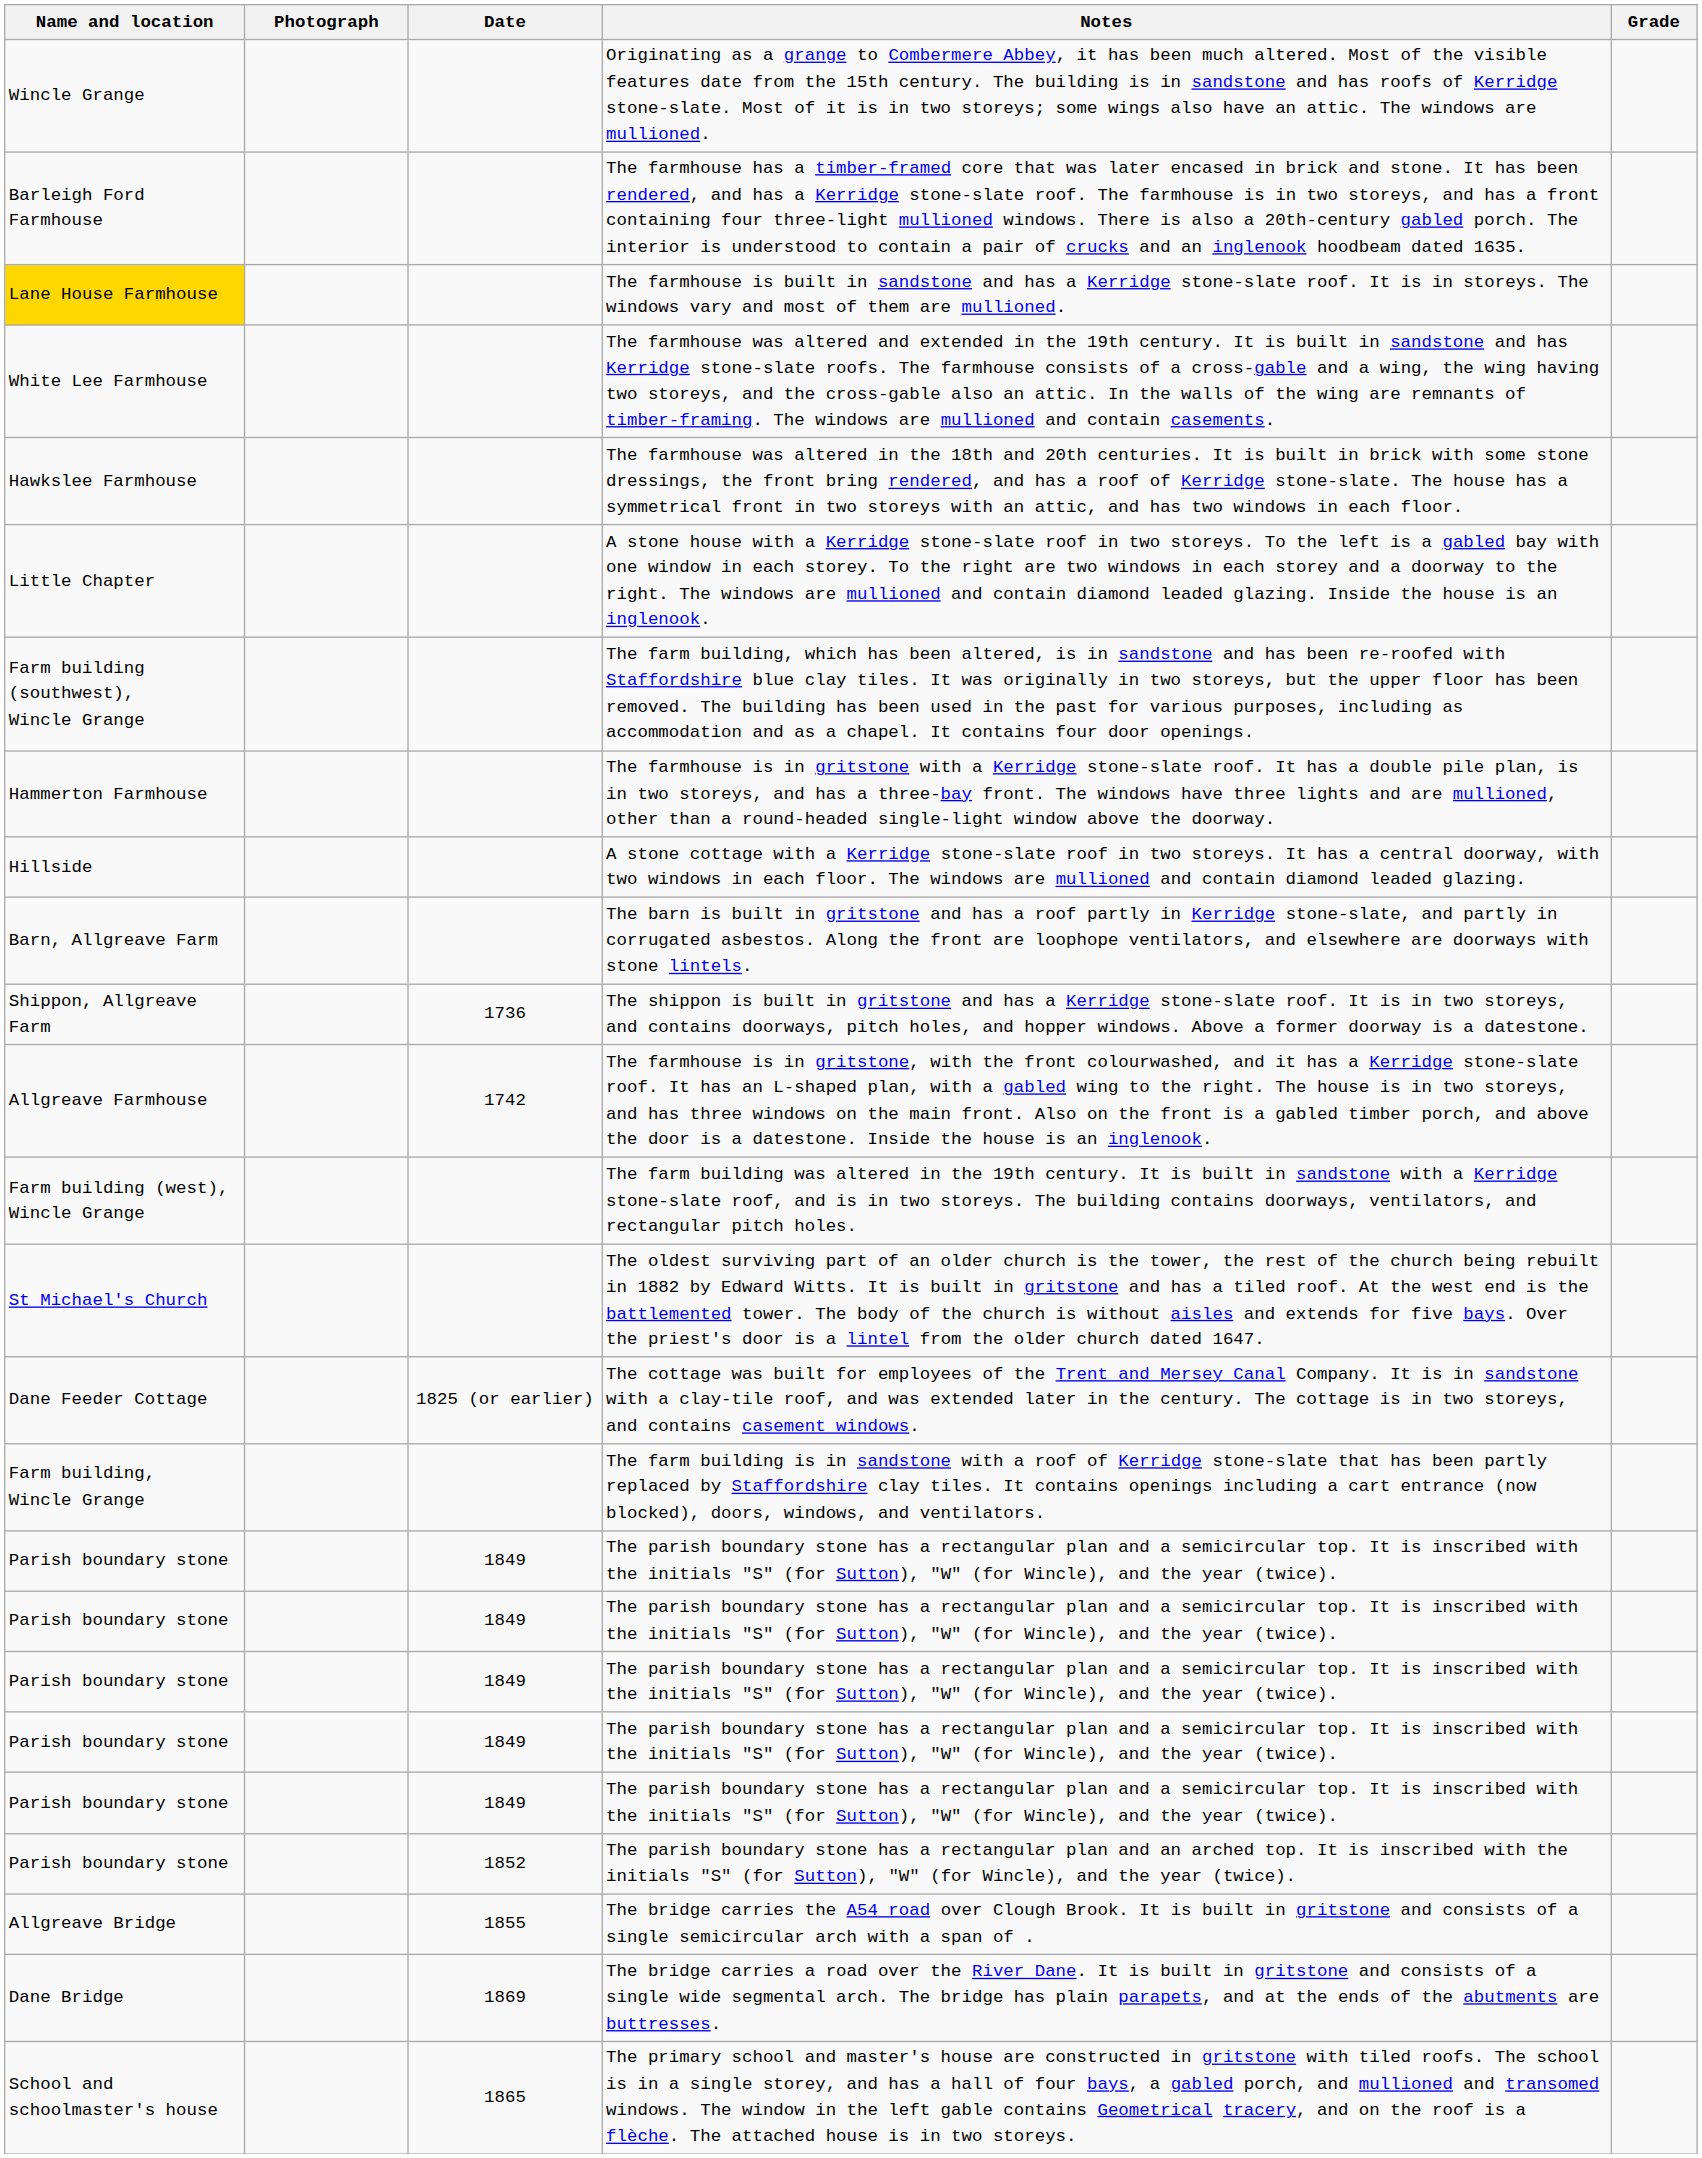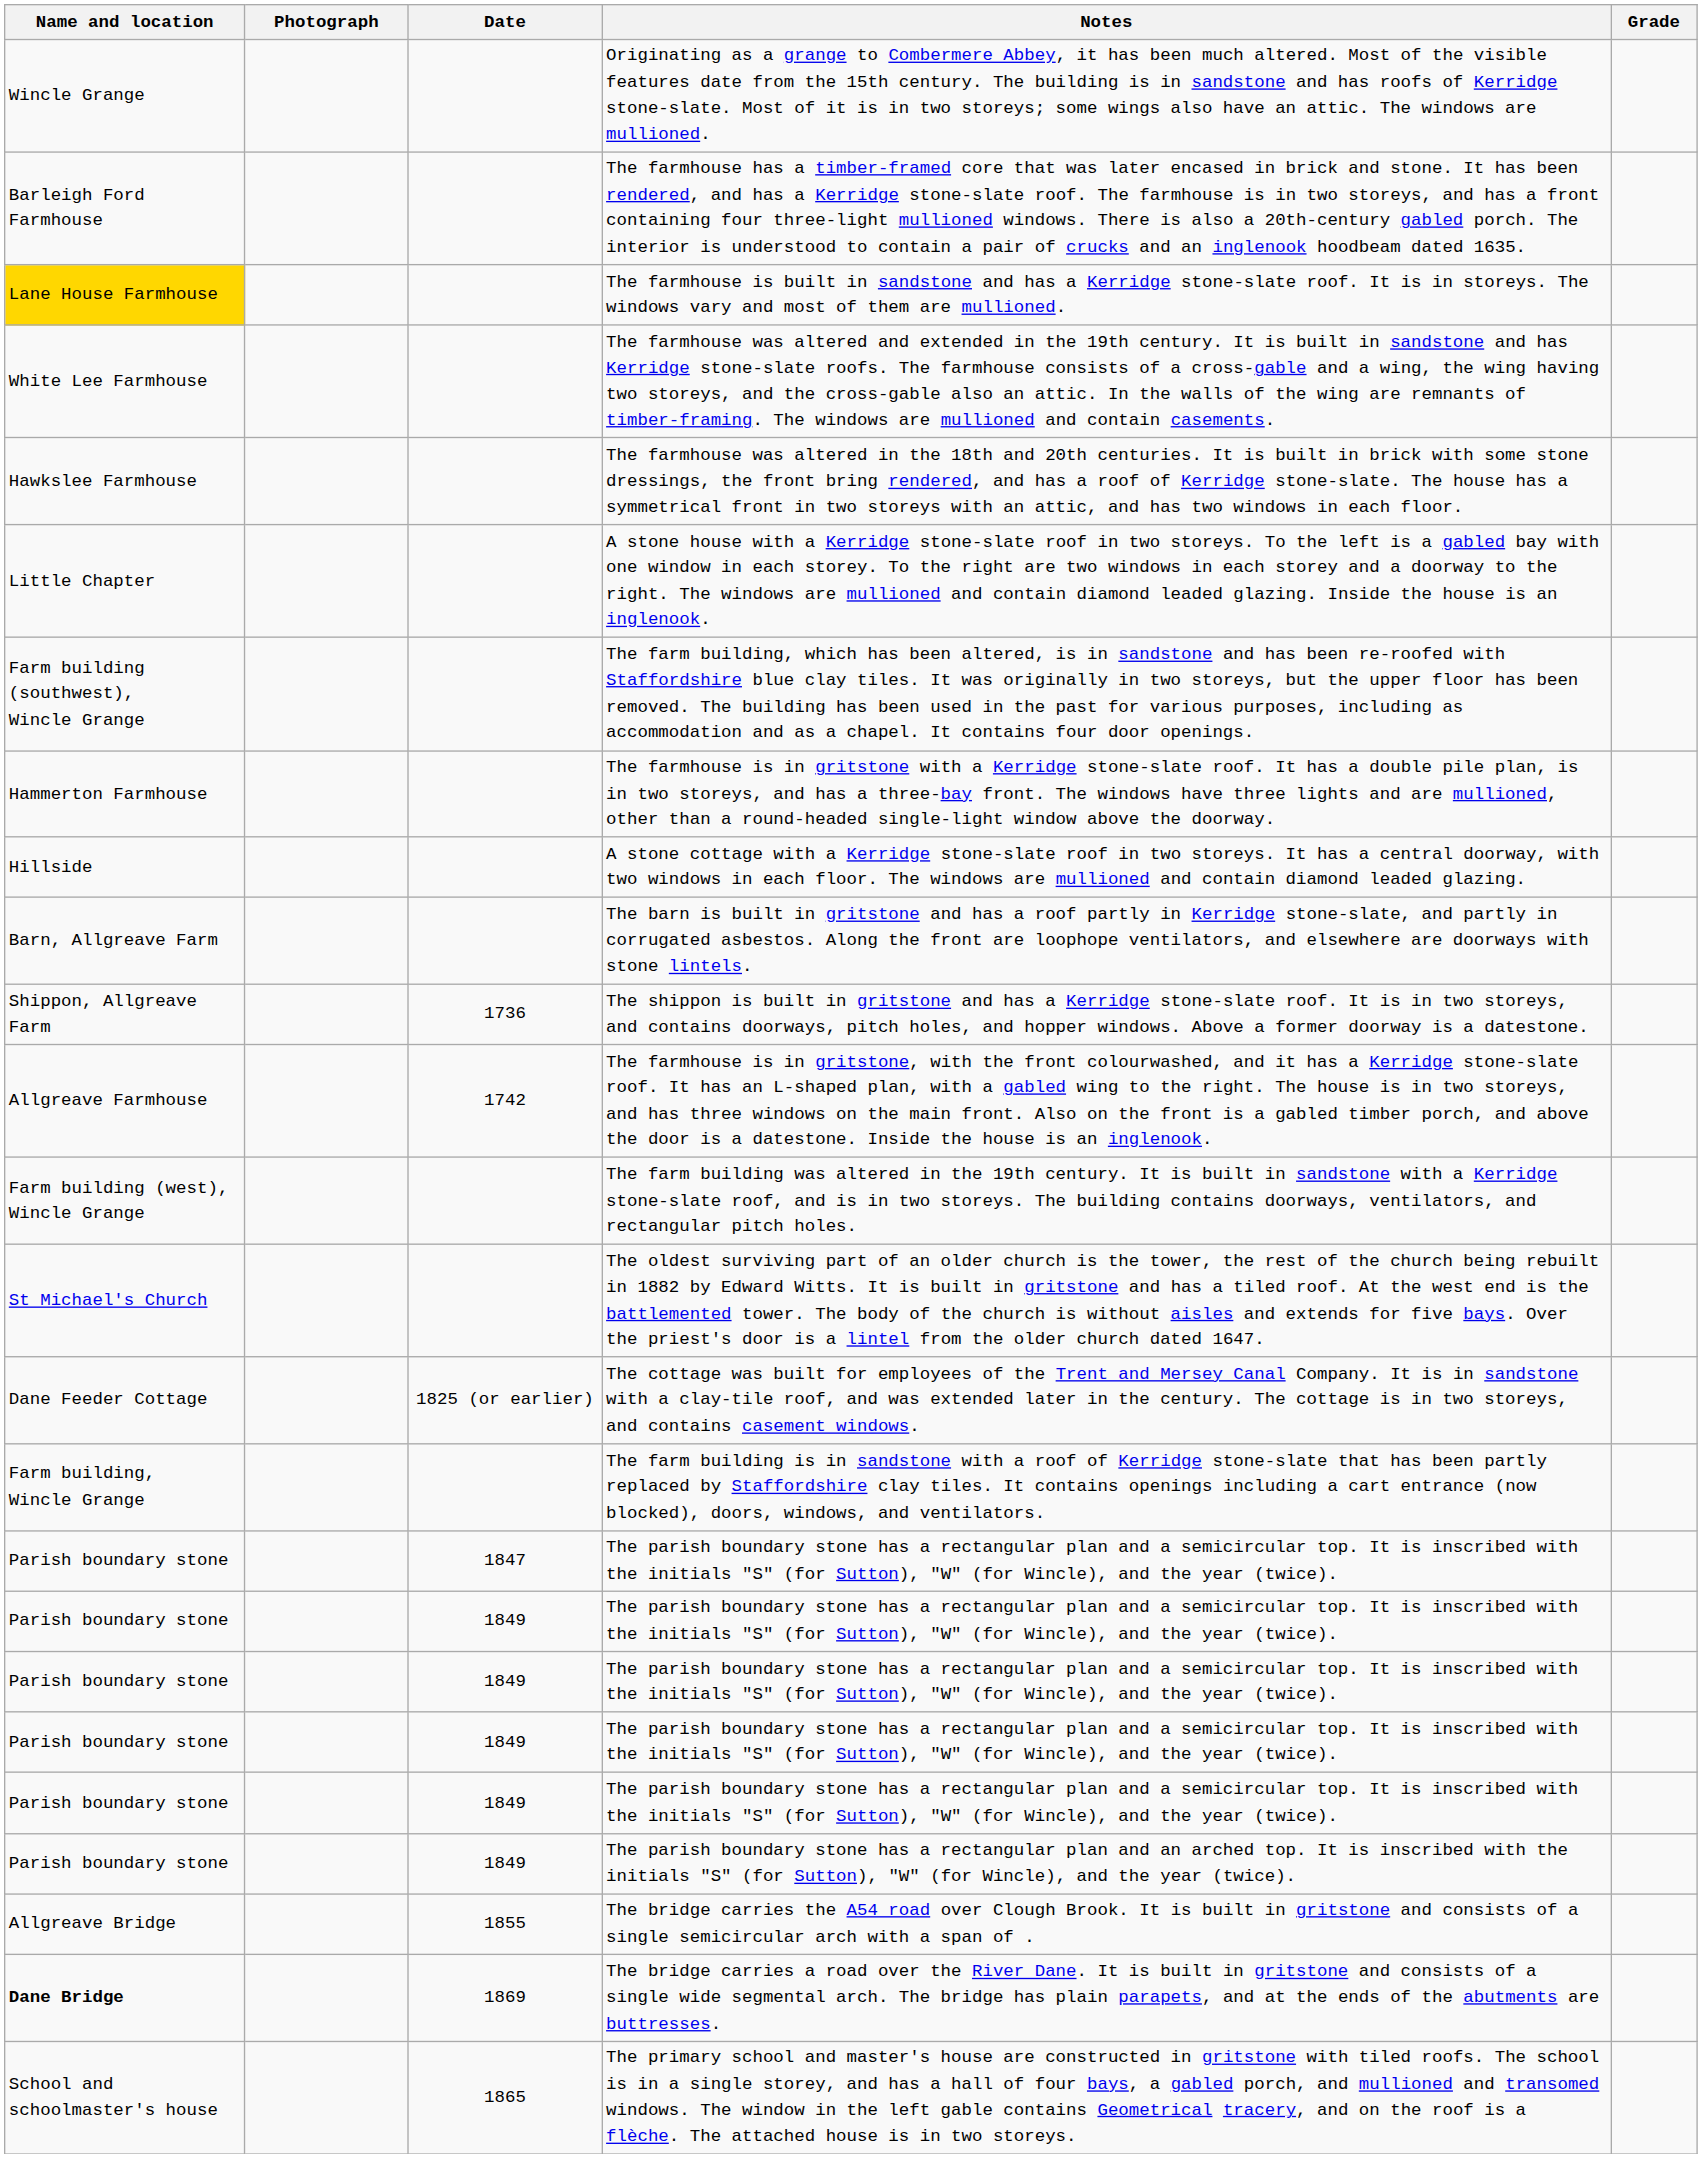 <table class="wikitable sortable plainrowheaders" style="width:100%;border:0px;text-align:left;line-height:150%;">
 <tr>
 <th scope="col"  style="width:150px">Name and location</th>
 <th scope="col"  style="width:100px" class="unsortable">Photograph</th>
 <th scope="col"  style="width:120px">Date</th>
 <th scope="col"  style="width:650px" class="unsortable">Notes</th>
 <th scope="col"  style="width:50px">Grade</th>
 </tr>
 <tr>
 <td>Wincle Grange<br><small></small></td>
 <td></td>
 <td align="center"></td>
 <td>Originating as a <a href='#'>grange</a> to <a href='#'>Combermere Abbey</a>, it has been much altered. Most of the visible features date from the 15th century.  The building is in <a href='#'>sandstone</a> and has roofs of <a href='#'>Kerridge</a> stone-slate.  Most of it is in two storeys; some wings also have an attic.  The windows are <a href='#'>mullioned</a>.</td>
 <td align="center" ></td>
 </tr>
 <tr>
 <td>Barleigh Ford Farmhouse<br><small></small></td>
 <td></td>
 <td align="center"></td>
 <td>The farmhouse has a <a href='#'>timber-framed</a> core that was later encased in brick and stone.  It has been <a href='#'>rendered</a>, and has a <a href='#'>Kerridge</a> stone-slate roof.  The farmhouse is in two storeys, and has a front containing four three-light <a href='#'>mullioned</a> windows.  There is also a 20th-century <a href='#'>gabled</a> porch.  The interior is understood to contain a pair of <a href='#'>crucks</a> and an <a href='#'>inglenook</a> hoodbeam dated 1635.</td>
 <td align="center" ></td>
 </tr>
 <tr>
 <td style="background: gold;">Lane House Farmhouse<br><small></small></td>
 <td></td>
 <td align="center"></td>
 <td>The farmhouse is built in <a href='#'>sandstone</a> and has a <a href='#'>Kerridge</a> stone-slate roof.  It is in  storeys.  The windows vary and most of them are <a href='#'>mullioned</a>.</td>
 <td align="center" ></td>
 </tr>
 <tr>
 <td>White Lee Farmhouse<br><small></small></td>
 <td></td>
 <td align="center"></td>
 <td>The farmhouse was altered and extended in the 19th century.  It is built in <a href='#'>sandstone</a> and has <a href='#'>Kerridge</a> stone-slate roofs.  The farmhouse consists of a cross-<a href='#'>gable</a> and a wing, the wing having two storeys, and the cross-gable also an attic.  In the walls of the wing are remnants of <a href='#'>timber-framing</a>. The windows are <a href='#'>mullioned</a> and contain <a href='#'>casements</a>.</td>
 <td align="center" ></td>
 </tr>
 <tr>
 <td>Hawkslee Farmhouse<br><small></small></td>
 <td></td>
 <td align="center"></td>
 <td>The farmhouse was altered in the 18th and 20th centuries.  It is built in brick with some stone dressings, the front bring <a href='#'>rendered</a>, and has a roof of <a href='#'>Kerridge</a> stone-slate.  The house has a symmetrical front in two storeys with an attic, and has two windows in each floor.</td>
 <td align="center" ></td>
 </tr>
 <tr>
 <td>Little Chapter<br><small></small></td>
 <td></td>
 <td align="center"></td>
 <td>A stone house with a <a href='#'>Kerridge</a> stone-slate roof in two storeys.  To the left is a <a href='#'>gabled</a> bay with one window in each storey.  To the right are two windows in each storey and a doorway to the right.  The windows are <a href='#'>mullioned</a> and contain diamond leaded glazing.  Inside the house is an <a href='#'>inglenook</a>.</td>
 <td align="center" ></td>
 </tr>
 <tr>
 <td>Farm building (southwest),<br>Wincle Grange<br><small></small></td>
 <td></td>
 <td align="center"></td>
 <td>The farm building, which has been altered, is in <a href='#'>sandstone</a> and has been re-roofed with <a href='#'>Staffordshire</a> blue clay tiles.  It was originally in two storeys, but the upper floor has been removed.  The building has been used in the past for various purposes, including as accommodation and as a chapel.  It contains four door openings.</td>
 <td align="center" ></td>
 </tr>
 <tr>
 <td>Hammerton Farmhouse<br><small></small></td>
 <td></td>
 <td align="center"></td>
 <td>The farmhouse is in <a href='#'>gritstone</a> with a <a href='#'>Kerridge</a> stone-slate roof.  It has a double pile plan, is in two storeys, and has a three-<a href='#'>bay</a> front.  The windows have three lights and are <a href='#'>mullioned</a>, other than a round-headed single-light window above the doorway.</td>
 <td align="center" ></td>
 </tr>
 <tr>
 <td>Hillside<br><small></small></td>
 <td></td>
 <td align="center"></td>
 <td>A stone cottage with a <a href='#'>Kerridge</a> stone-slate roof in two storeys.  It has a central doorway, with two windows in each floor.  The windows are <a href='#'>mullioned</a> and contain diamond leaded glazing.</td>
 <td align="center" ></td>
 </tr>
 <tr>
 <td>Barn, Allgreave Farm<br><small></small></td>
 <td></td>
 <td align="center"></td>
 <td>The barn is built in <a href='#'>gritstone</a> and has a roof partly in <a href='#'>Kerridge</a> stone-slate, and partly in corrugated asbestos.  Along the front are loophope ventilators, and elsewhere are doorways with stone <a href='#'>lintels</a>.</td>
 <td align="center" ></td>
 </tr>
 <tr>
 <td>Shippon, Allgreave Farm<br><small></small></td>
 <td></td>
 <td align="center">1736</td>
 <td>The shippon is built in <a href='#'>gritstone</a> and has a <a href='#'>Kerridge</a> stone-slate roof.  It is in two storeys, and contains doorways, pitch holes, and hopper windows.  Above a former doorway is a datestone.</td>
 <td align="center" ></td>
 </tr>
 <tr>
 <td>Allgreave Farmhouse<br><small></small></td>
 <td></td>
 <td align="center">1742</td>
 <td>The farmhouse is in <a href='#'>gritstone</a>, with the front colourwashed, and it has a <a href='#'>Kerridge</a> stone-slate roof.  It has an L-shaped plan, with a <a href='#'>gabled</a> wing to the right.  The house is in two storeys, and has three windows on the main front.  Also on the front is a gabled timber porch, and above the door is a datestone.  Inside the house is an <a href='#'>inglenook</a>.</td>
 <td align="center" ></td>
 </tr>
 <tr>
 <td>Farm building (west),<br>Wincle Grange<br><small></small></td>
 <td></td>
 <td align="center"></td>
 <td>The farm building was altered in the 19th century.  It is built in <a href='#'>sandstone</a> with a <a href='#'>Kerridge</a> stone-slate roof, and is in two storeys.  The building contains doorways, ventilators, and rectangular pitch holes.</td>
 <td align="center" ></td>
 </tr>
 <tr>
 <td><a href='#'>St Michael's Church</a><br><small></small></td>
 <td></td>
 <td align="center"></td>
 <td>The oldest surviving part of an older church is the tower, the rest of the church being rebuilt in 1882 by Edward Witts.  It is built in <a href='#'>gritstone</a> and has a tiled roof.  At the west end is the <a href='#'>battlemented</a> tower. The body of the church is without <a href='#'>aisles</a> and extends for five <a href='#'>bays</a>.  Over the priest's door is a <a href='#'>lintel</a> from the older church dated 1647.</td>
 <td align="center" ></td>
 </tr>
 <tr>
 <td>Dane Feeder Cottage<br><small></small></td>
 <td></td>
 <td align="center">1825 (or earlier)</td>
 <td>The cottage was built for employees of the <a href='#'>Trent and Mersey Canal</a> Company.  It is in <a href='#'>sandstone</a> with a clay-tile roof, and was extended later in the century.  The cottage is in two storeys, and contains <a href='#'>casement windows</a>.</td>
 <td align="center" ></td>
 </tr>
 <tr>
 <td>Farm building,<br>Wincle Grange<br><small></small></td>
 <td></td>
 <td align="center"></td>
 <td>The farm building is in <a href='#'>sandstone</a> with a roof of <a href='#'>Kerridge</a> stone-slate that has been partly replaced by <a href='#'>Staffordshire</a> clay tiles.  It contains openings including a cart entrance (now blocked), doors, windows, and ventilators.</td>
 <td align="center" ></td>
 </tr>
 <tr>
 <td>Parish boundary stone<br><small></small></td>
 <td></td>
-<td align="center">1849</td>
+<td align="center">1847</td>
 <td>The parish boundary stone has a rectangular plan and a semicircular top.  It is inscribed with the initials "S" (for <a href='#'>Sutton</a>), "W" (for Wincle), and the year (twice).</td>
 <td align="center" ></td>
 </tr>
 <tr>
 <td>Parish boundary stone<br><small></small></td>
 <td></td>
 <td align="center">1849</td>
 <td>The parish boundary stone has a rectangular plan and a semicircular top.  It is inscribed with the initials "S" (for <a href='#'>Sutton</a>), "W" (for Wincle), and the year (twice).</td>
 <td align="center" ></td>
 </tr>
 <tr>
 <td>Parish boundary stone<br><small></small></td>
 <td></td>
 <td align="center">1849</td>
 <td>The parish boundary stone has a rectangular plan and a semicircular top.  It is inscribed with the initials "S" (for <a href='#'>Sutton</a>), "W" (for Wincle), and the year (twice).</td>
 <td align="center" ></td>
 </tr>
 <tr>
 <td>Parish boundary stone<br><small></small></td>
 <td></td>
 <td align="center">1849</td>
 <td>The parish boundary stone has a rectangular plan and a semicircular top.  It is inscribed with the initials "S" (for <a href='#'>Sutton</a>), "W" (for Wincle), and the year (twice).</td>
 <td align="center" ></td>
 </tr>
 <tr>
 <td>Parish boundary stone<br><small></small></td>
 <td></td>
 <td align="center">1849</td>
 <td>The parish boundary stone has a rectangular plan and a semicircular top.  It is inscribed with the initials "S" (for <a href='#'>Sutton</a>), "W" (for Wincle), and the year (twice).</td>
 <td align="center" ></td>
 </tr>
 <tr>
 <td>Parish boundary stone<br><small></small></td>
 <td></td>
-<td align="center">1852</td>
+<td align="center">1849</td>
 <td>The parish boundary stone has a rectangular plan and an arched top.  It is inscribed with the initials "S" (for <a href='#'>Sutton</a>), "W" (for Wincle), and the year (twice).</td>
 <td align="center" ></td>
 </tr>
 <tr>
 <td>Allgreave Bridge<br><small></small></td>
 <td></td>
 <td align="center">1855</td>
 <td>The bridge carries the <a href='#'>A54 road</a> over Clough Brook.  It is built in <a href='#'>gritstone</a> and consists of a single semicircular arch with a span of .</td>
 <td align="center" ></td>
 </tr>
 <tr>
-<td>Dane Bridge<br><small></small></td>
+<td><strong>Dane Bridge<br><small></small></strong></td>
 <td></td>
 <td align="center">1869</td>
 <td>The bridge carries a road over the <a href='#'>River Dane</a>.  It is built in <a href='#'>gritstone</a> and consists of a single wide segmental arch.  The bridge has plain <a href='#'>parapets</a>, and at the ends of the <a href='#'>abutments</a> are <a href='#'>buttresses</a>.</td>
 <td align="center" ></td>
 </tr>
 <tr>
 <td>School and schoolmaster's house<br><small></small></td>
 <td></td>
 <td align="center">1865</td>
 <td>The primary school and master's house are constructed in <a href='#'>gritstone</a> with tiled roofs.  The school is in a single storey, and has a hall of four <a href='#'>bays</a>, a <a href='#'>gabled</a> porch, and <a href='#'>mullioned</a> and <a href='#'>transomed</a> windows.  The window in the left gable contains <a href='#'>Geometrical</a> <a href='#'>tracery</a>, and on the roof is a <a href='#'>flèche</a>.  The attached house is in two storeys.</td>
 <td align="center" ></td>
 </tr>
 <tr>
 </tr>
 </table>
